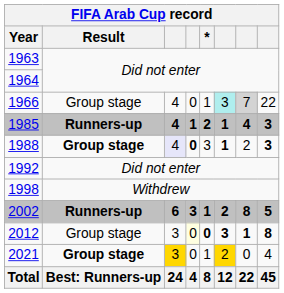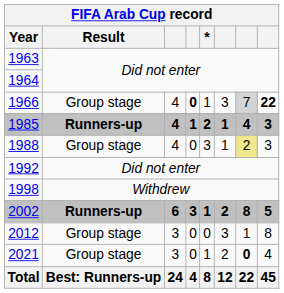 <table class="wikitable" style="text-align: center">
 <tr>
 <th colspan=8><a href='#'>FIFA Arab Cup</a> record</th>
 </tr>
 <tr>
 <th>Year</th>
 <th>Result</th>
 <th></th>
 <th></th>
 <th>*</th>
 <th></th>
 <th></th>
 <th></th>
 </tr>
 <tr>
 <td> <a href='#'>1963</a></td>
 <td colspan=7 rowspan=2><em>Did not enter</em></td>
 </tr>
 <tr>
 <td> <a href='#'>1964</a></td>
 </tr>
 <tr>
 <td> <a href='#'>1966</a></td>
 <td>Group stage</td>
 <td>4</td>
-<td>0</td>
+<td><strong>0</strong></td>
 <td>1</td>
-<td style="background: paleturquoise;">3</td>
+<td>3</td>
 <td style="background: lightgrey;">7</td>
-<td>22</td>
+<td><strong>22</strong></td>
 </tr>
 <tr bgcolor=silver>
 <td> <a href='#'>1985</a></td>
 <td><strong>Runners-up</strong></td>
 <td><strong>4</strong></td>
 <td><strong>1</strong></td>
 <td><strong>2</strong></td>
 <td><strong>1</strong></td>
 <td><strong>4</strong></td>
 <td><strong>3</strong></td>
 </tr>
 <tr>
 <td> <a href='#'>1988</a></td>
-<td><strong>Group stage</strong></td>
-<td style="background: lavender;">4</td>
-<td><strong>0</strong></td>
+<td>Group stage</td>
+<td>4</td>
+<td>0</td>
 <td>3</td>
-<td><strong>1</strong></td>
-<td>2</td>
-<td><strong>3</strong></td>
+<td>1</td>
+<td style="background: khaki;">2</td>
+<td>3</td>
 </tr>
 <tr>
 <td> <a href='#'>1992</a></td>
 <td colspan=7><em>Did not enter</em></td>
 </tr>
 <tr>
 <td> <a href='#'>1998</a></td>
 <td colspan=7><em>Withdrew</em></td>
 </tr>
 <tr bgcolor=silver>
 <td> <a href='#'>2002</a></td>
 <td><strong>Runners-up</strong></td>
 <td><strong>6</strong></td>
 <td><strong>3</strong></td>
 <td><strong>1</strong></td>
 <td><strong>2</strong></td>
 <td><strong>8</strong></td>
 <td><strong>5</strong></td>
 </tr>
 <tr>
 <td> <a href='#'>2012</a></td>
 <td>Group stage</td>
 <td>3</td>
-<td style="background: lightyellow;">0</td>
-<td><strong>0</strong></td>
-<td><strong>3</strong></td>
-<td><strong>1</strong></td>
-<td><strong>8</strong></td>
+<td>0</td>
+<td>0</td>
+<td>3</td>
+<td>1</td>
+<td>8</td>
 </tr>
 <tr>
 <td> <a href='#'>2021</a></td>
-<td><strong>Group stage</strong></td>
-<td style="background: gold;">3</td>
+<td>Group stage</td>
+<td>3</td>
 <td>0</td>
 <td>1</td>
-<td style="background: gold;">2</td>
-<td>0</td>
+<td>2</td>
+<td><strong>0</strong></td>
 <td>4</td>
 </tr>
 <tr>
 <th>Total</th>
 <th>Best: Runners-up</th>
 <th>24</th>
 <th>4</th>
 <th>8</th>
 <th>12</th>
 <th>22</th>
 <th>45</th>
 </tr>
 </table>
